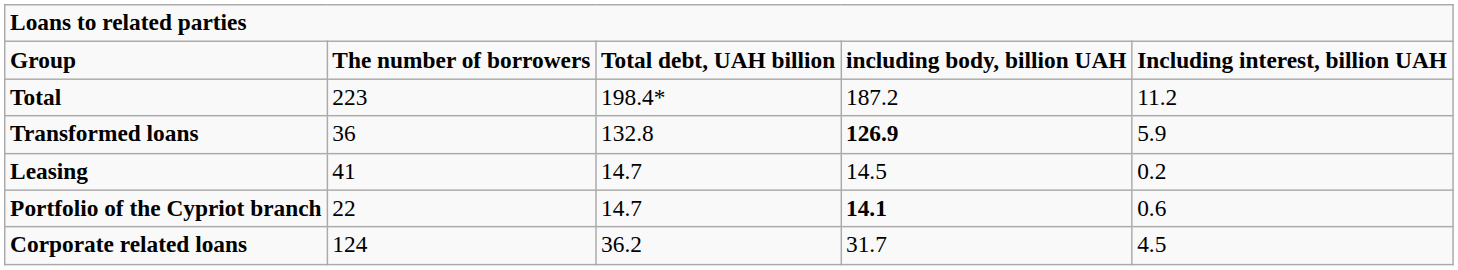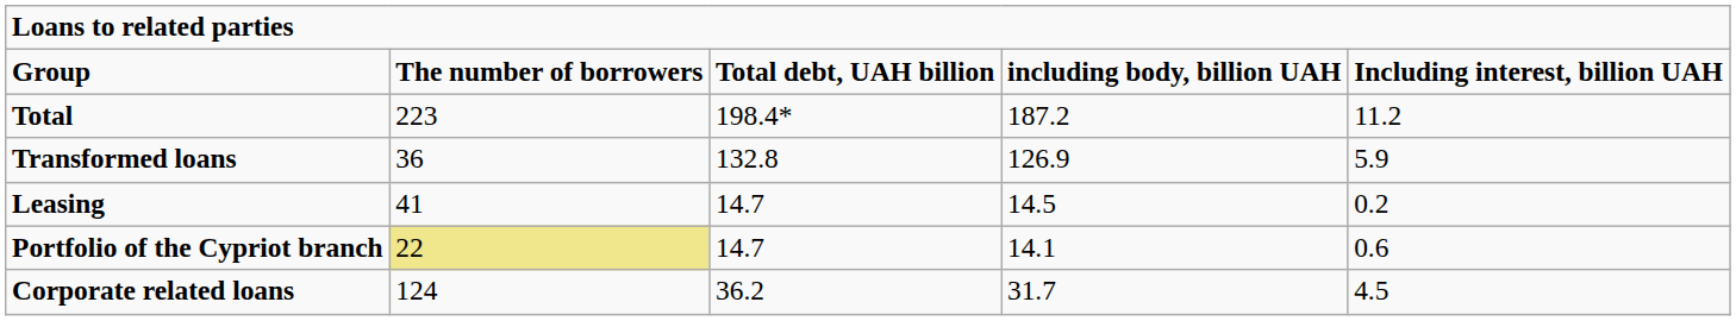 <table class="wikitable">
 <tr>
 <td colspan="5"><strong>Loans to related parties</strong></td>
 </tr>
 <tr>
 <td><strong>Group</strong></td>
 <td><strong>The number of borrowers</strong></td>
 <td><strong>Total debt, UAH billion</strong></td>
 <td><strong>including body, billion UAH</strong></td>
 <td><strong>Including interest, billion  UAH</strong></td>
 </tr>
 <tr>
 <td><strong>Total</strong></td>
 <td>223</td>
 <td>198.4*</td>
 <td>187.2</td>
 <td>11.2</td>
 </tr>
 <tr>
 <td><strong>Transformed loans</strong></td>
 <td>36</td>
 <td>132.8</td>
-<td><strong>126.9</strong></td>
+<td>126.9</td>
 <td>5.9</td>
 </tr>
 <tr>
 <td><strong>Leasing</strong></td>
 <td>41</td>
 <td>14.7</td>
 <td>14.5</td>
 <td>0.2</td>
 </tr>
 <tr>
 <td><strong>Portfolio of the Cypriot branch</strong></td>
-<td>22</td>
+<td style="background: khaki;">22</td>
 <td>14.7</td>
-<td><strong>14.1</strong></td>
+<td>14.1</td>
 <td>0.6</td>
 </tr>
 <tr>
 <td><strong>Corporate related loans</strong></td>
 <td>124</td>
 <td>36.2</td>
 <td>31.7</td>
 <td>4.5</td>
 </tr>
 </table>
